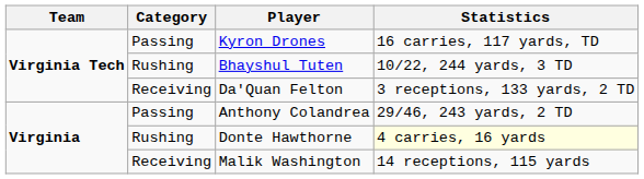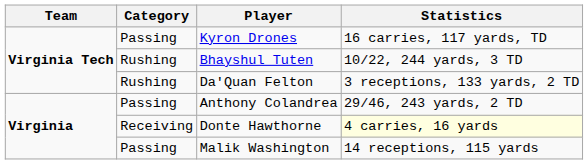 <table class="wikitable" style="float: right;">
 <tr>
 <th>Team</th>
 <th>Category</th>
 <th>Player</th>
 <th>Statistics</th>
 </tr>
 <tr>
 <td rowspan=3><strong>Virginia Tech</strong></td>
 <td>Passing</td>
 <td><a href='#'>Kyron Drones</a></td>
 <td>16 carries, 117 yards, TD</td>
 </tr>
 <tr>
 <td>Rushing</td>
 <td><a href='#'>Bhayshul Tuten</a></td>
 <td>10/22, 244 yards, 3 TD</td>
 </tr>
 <tr>
-<td>Receiving</td>
+<td>Rushing</td>
 <td>Da'Quan Felton</td>
 <td>3 receptions, 133 yards, 2 TD</td>
 </tr>
 <tr>
 <td rowspan=3><strong>Virginia</strong></td>
 <td>Passing</td>
 <td>Anthony Colandrea</td>
 <td>29/46, 243 yards, 2 TD</td>
 </tr>
 <tr>
-<td>Rushing</td>
+<td>Receiving</td>
 <td>Donte Hawthorne</td>
 <td style="background: lightyellow;">4 carries, 16 yards</td>
 </tr>
 <tr>
-<td>Receiving</td>
+<td>Passing</td>
 <td>Malik Washington</td>
 <td>14 receptions, 115 yards</td>
 </tr>
 </table>
